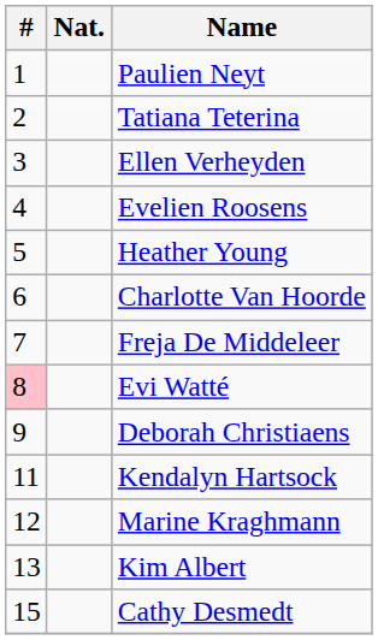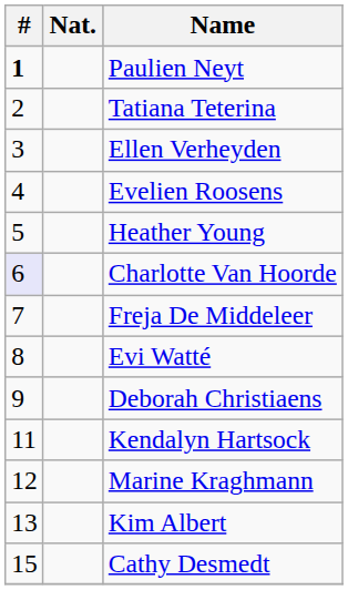 <table class="wikitable">
 <tr>
 <th>#</th>
 <th>Nat.</th>
 <th>Name</th>
 </tr>
 <tr>
-<td>1</td>
+<td><strong>1</strong></td>
 <td></td>
 <td><a href='#'>Paulien Neyt</a></td>
 </tr>
 <tr>
 <td>2</td>
 <td></td>
 <td><a href='#'>Tatiana Teterina</a></td>
 </tr>
 <tr>
 <td>3</td>
 <td></td>
 <td><a href='#'>Ellen Verheyden</a></td>
 </tr>
 <tr>
 <td>4</td>
 <td></td>
 <td><a href='#'>Evelien Roosens</a></td>
 </tr>
 <tr>
 <td>5</td>
 <td></td>
 <td><a href='#'>Heather Young</a></td>
 </tr>
 <tr>
-<td>6</td>
+<td style="background: lavender;">6</td>
 <td></td>
 <td><a href='#'>Charlotte Van Hoorde</a></td>
 </tr>
 <tr>
 <td>7</td>
 <td></td>
 <td><a href='#'>Freja De Middeleer</a></td>
 </tr>
 <tr>
-<td style="background: pink;">8</td>
+<td>8</td>
 <td></td>
 <td><a href='#'>Evi Watté</a></td>
 </tr>
 <tr>
 <td>9</td>
 <td></td>
 <td><a href='#'>Deborah Christiaens</a></td>
 </tr>
 <tr>
 <td>11</td>
 <td></td>
 <td><a href='#'>Kendalyn Hartsock</a></td>
 </tr>
 <tr>
 <td>12</td>
 <td></td>
 <td><a href='#'>Marine Kraghmann</a></td>
 </tr>
 <tr>
 <td>13</td>
 <td></td>
 <td><a href='#'>Kim Albert</a></td>
 </tr>
 <tr>
 <td>15</td>
 <td></td>
 <td><a href='#'>Cathy Desmedt</a></td>
 </tr>
 <tr>
 </tr>
 </table>
